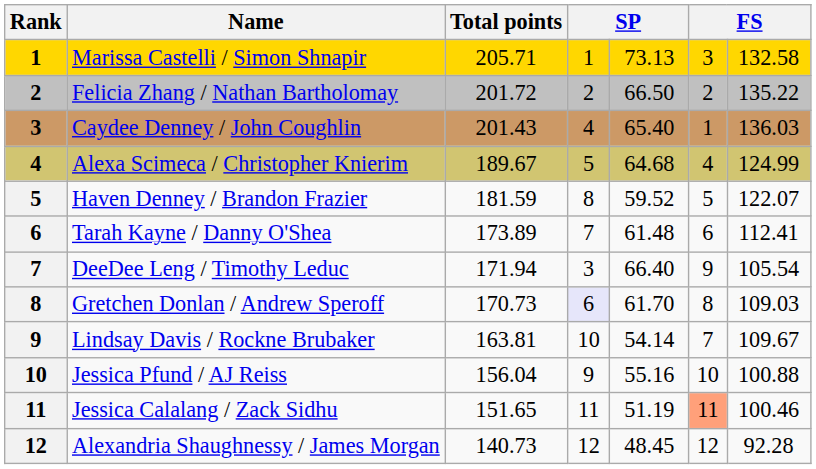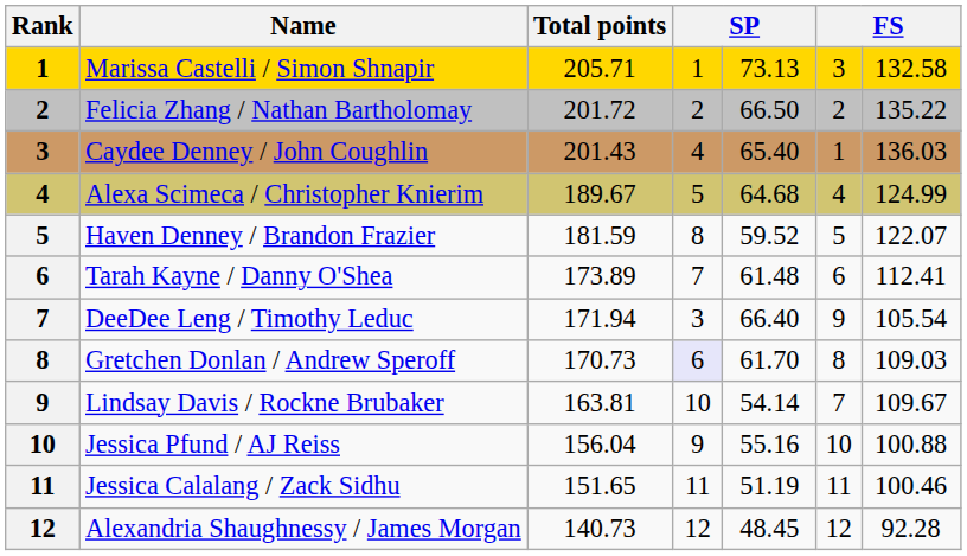 <table class="wikitable sortable">
 <tr>
 <th>Rank</th>
 <th>Name</th>
 <th>Total points</th>
 <th colspan="2" width="80px"><a href='#'>SP</a></th>
 <th colspan="2" width="80px"><a href='#'>FS</a></th>
 </tr>
 <tr bgcolor="gold">
 <td align="center"><strong>1</strong></td>
 <td><a href='#'>Marissa Castelli</a> / <a href='#'>Simon Shnapir</a></td>
 <td align="center">205.71</td>
 <td align="center">1</td>
 <td align="center">73.13</td>
 <td align="center">3</td>
 <td align="center">132.58</td>
 </tr>
 <tr bgcolor="silver">
 <td align="center"><strong>2</strong></td>
 <td><a href='#'>Felicia Zhang</a> / <a href='#'>Nathan Bartholomay</a></td>
 <td align="center">201.72</td>
 <td align="center">2</td>
 <td align="center">66.50</td>
 <td align="center">2</td>
 <td align="center">135.22</td>
 </tr>
 <tr bgcolor="cc9966">
 <td align="center"><strong>3</strong></td>
 <td><a href='#'>Caydee Denney</a> / <a href='#'> John Coughlin</a></td>
 <td align="center">201.43</td>
 <td align="center">4</td>
 <td align="center">65.40</td>
 <td align="center">1</td>
 <td align="center">136.03</td>
 </tr>
 <tr bgcolor="#d1c571">
 <td align="center"><strong>4</strong></td>
 <td><a href='#'>Alexa Scimeca</a> / <a href='#'>Christopher Knierim</a></td>
 <td align="center">189.67</td>
 <td align="center">5</td>
 <td align="center">64.68</td>
 <td align="center">4</td>
 <td align="center">124.99</td>
 </tr>
 <tr>
 <th>5</th>
 <td><a href='#'>Haven Denney</a> / <a href='#'>Brandon Frazier</a></td>
 <td align="center">181.59</td>
 <td align="center">8</td>
 <td align="center">59.52</td>
 <td align="center">5</td>
 <td align="center">122.07</td>
 </tr>
 <tr>
 <th>6</th>
 <td><a href='#'>Tarah Kayne</a> / <a href='#'>Danny O'Shea</a></td>
 <td align="center">173.89</td>
 <td align="center">7</td>
 <td align="center">61.48</td>
 <td align="center">6</td>
 <td align="center">112.41</td>
 </tr>
 <tr>
 <th>7</th>
 <td><a href='#'>DeeDee Leng</a> / <a href='#'>Timothy Leduc</a></td>
 <td align="center">171.94</td>
 <td align="center">3</td>
 <td align="center">66.40</td>
 <td align="center">9</td>
 <td align="center">105.54</td>
 </tr>
 <tr>
 <th>8</th>
 <td><a href='#'>Gretchen Donlan</a> / <a href='#'>Andrew Speroff</a></td>
 <td align="center">170.73</td>
 <td align="center" style="background: lavender;">6</td>
 <td align="center">61.70</td>
 <td align="center">8</td>
 <td align="center">109.03</td>
 </tr>
 <tr>
 <th>9</th>
 <td><a href='#'>Lindsay Davis</a> / <a href='#'>Rockne Brubaker</a></td>
 <td align="center">163.81</td>
 <td align="center">10</td>
 <td align="center">54.14</td>
 <td align="center">7</td>
 <td align="center">109.67</td>
 </tr>
 <tr>
 <th>10</th>
 <td><a href='#'>Jessica Pfund</a> / <a href='#'>AJ Reiss</a></td>
 <td align="center">156.04</td>
 <td align="center">9</td>
 <td align="center">55.16</td>
 <td align="center">10</td>
 <td align="center">100.88</td>
 </tr>
 <tr>
 <th>11</th>
 <td><a href='#'>Jessica Calalang</a> / <a href='#'>Zack Sidhu</a></td>
 <td align="center">151.65</td>
 <td align="center">11</td>
 <td align="center">51.19</td>
-<td align="center" style="background: lightsalmon;">11</td>
+<td align="center">11</td>
 <td align="center">100.46</td>
 </tr>
 <tr>
 <th>12</th>
 <td><a href='#'>Alexandria Shaughnessy</a> / <a href='#'>James Morgan</a></td>
 <td align="center">140.73</td>
 <td align="center">12</td>
 <td align="center">48.45</td>
 <td align="center">12</td>
 <td align="center">92.28</td>
 </tr>
 </table>
